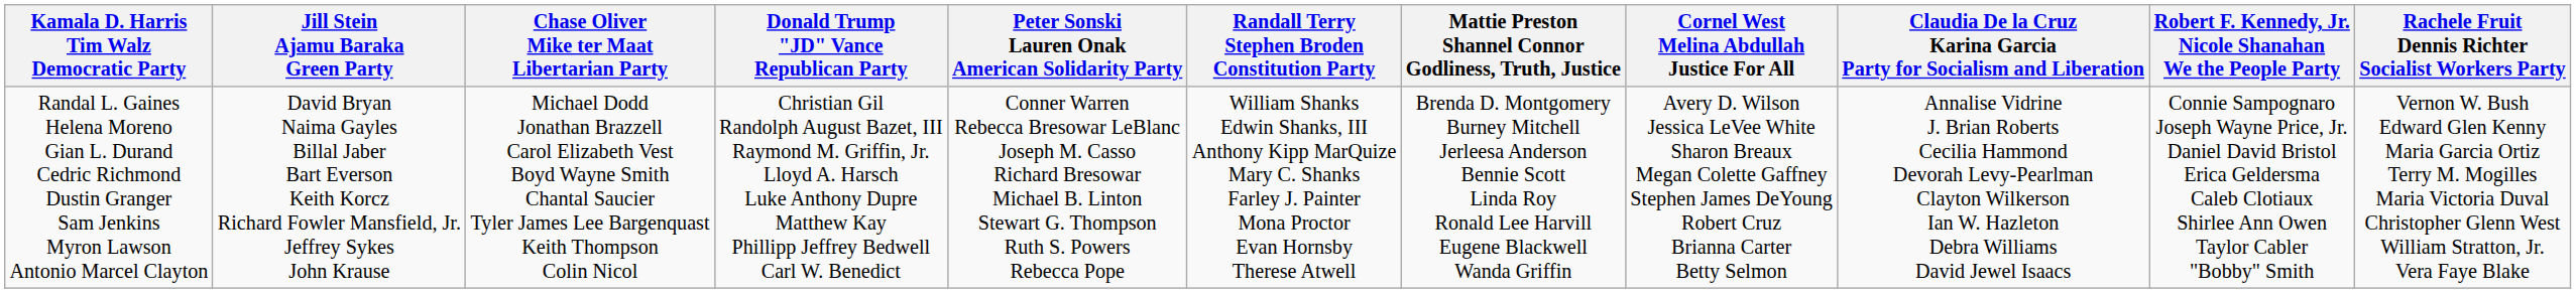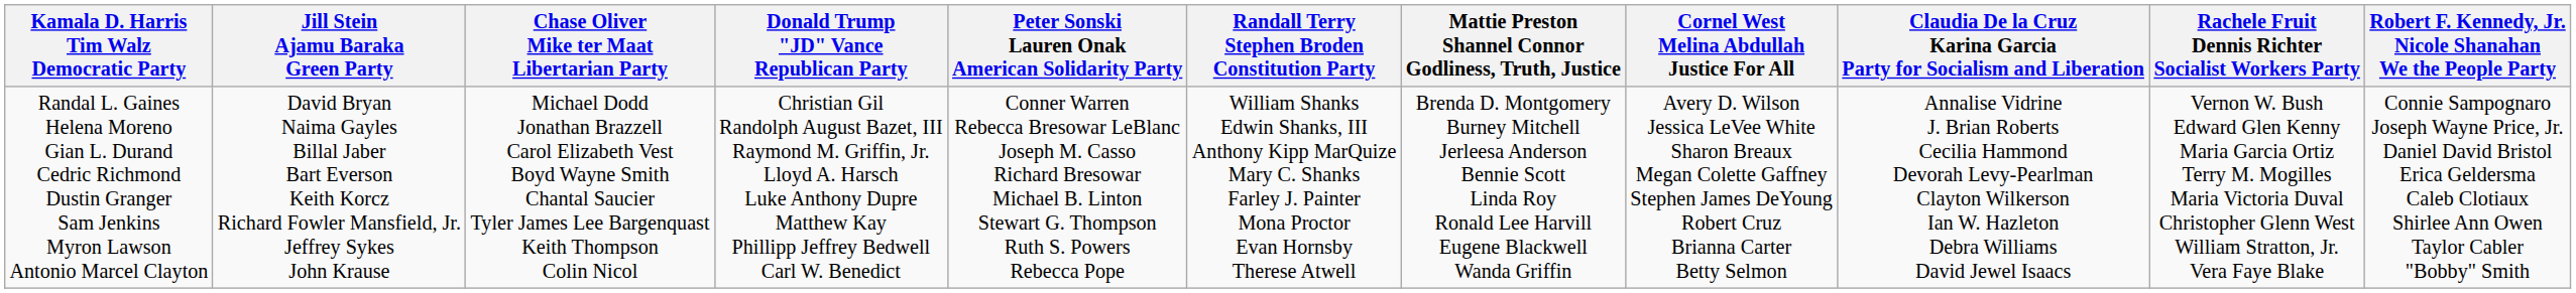 <table class="wikitable" style="font-size:90%;text-align:center;">
 <tr>
 <th><a href='#'>Kamala D. Harris</a><br><a href='#'>Tim Walz</a><br><a href='#'>Democratic Party</a></th>
 <th><a href='#'>Jill Stein</a><br><a href='#'>Ajamu Baraka</a><br><a href='#'>Green Party</a></th>
 <th><a href='#'>Chase Oliver</a><br><a href='#'>Mike ter Maat</a><br><a href='#'>Libertarian Party</a></th>
 <th><a href='#'>Donald Trump</a><br><a href='#'>"JD" Vance</a><br><a href='#'>Republican Party</a></th>
 <th><a href='#'>Peter Sonski</a><br>Lauren Onak<br><a href='#'>American Solidarity Party</a></th>
 <th><a href='#'>Randall Terry</a><br><a href='#'>Stephen Broden</a><br><a href='#'>Constitution Party</a></th>
 <th>Mattie Preston<br>Shannel Connor<br>Godliness, Truth, Justice</th>
 <th><a href='#'>Cornel West</a><br><a href='#'>Melina Abdullah</a><br>Justice For All</th>
 <th><a href='#'>Claudia De la Cruz</a><br>Karina Garcia<br><a href='#'>Party for Socialism and Liberation</a></th>
+<th><a href='#'>Rachele Fruit</a><br>Dennis Richter<br><a href='#'>Socialist Workers Party</a></th>
 <th><a href='#'>Robert F. Kennedy, Jr.</a><br><a href='#'>Nicole Shanahan</a><br><a href='#'>We the People Party</a></th>
-<th><a href='#'>Rachele Fruit</a><br>Dennis Richter<br><a href='#'>Socialist Workers Party</a></th>
 </tr>
 <tr>
 <td>Randal L. Gaines<br>Helena Moreno<br>Gian L. Durand<br>Cedric Richmond<br>Dustin Granger<br>Sam Jenkins<br>Myron Lawson<br>Antonio Marcel Clayton</td>
 <td>David Bryan<br>Naima Gayles<br>Billal Jaber<br>Bart Everson<br>Keith Korcz<br>Richard Fowler Mansfield, Jr.<br>Jeffrey Sykes<br>John Krause</td>
 <td>Michael Dodd<br>Jonathan Brazzell<br>Carol Elizabeth Vest<br>Boyd Wayne Smith<br>Chantal Saucier<br>Tyler James Lee Bargenquast<br>Keith Thompson<br>Colin Nicol</td>
 <td>Christian Gil<br>Randolph August Bazet, III<br>Raymond M. Griffin, Jr.<br>Lloyd A. Harsch<br>Luke Anthony Dupre<br>Matthew Kay<br>Phillipp Jeffrey Bedwell<br>Carl W. Benedict</td>
 <td>Conner Warren<br>Rebecca Bresowar LeBlanc<br>Joseph M. Casso<br>Richard Bresowar<br>Michael B. Linton<br>Stewart G. Thompson<br>Ruth S. Powers<br>Rebecca Pope</td>
 <td>William Shanks<br>Edwin Shanks, III<br>Anthony Kipp MarQuize<br>Mary C. Shanks<br>Farley J. Painter<br>Mona Proctor<br>Evan Hornsby<br>Therese Atwell</td>
 <td>Brenda D. Montgomery<br>Burney Mitchell<br>Jerleesa Anderson<br>Bennie Scott<br>Linda Roy<br>Ronald Lee Harvill<br>Eugene Blackwell<br>Wanda Griffin</td>
 <td>Avery D. Wilson<br>Jessica LeVee White<br>Sharon Breaux<br>Megan Colette Gaffney<br>Stephen James DeYoung<br>Robert Cruz<br>Brianna Carter<br>Betty Selmon</td>
 <td>Annalise Vidrine<br>J. Brian Roberts<br>Cecilia Hammond<br>Devorah Levy-Pearlman<br>Clayton Wilkerson<br>Ian W. Hazleton<br>Debra Williams<br>David Jewel Isaacs</td>
+<td>Vernon W. Bush<br>Edward Glen Kenny<br>Maria Garcia Ortiz<br>Terry M. Mogilles<br>Maria Victoria Duval<br>Christopher Glenn West<br>William Stratton, Jr.<br>Vera Faye Blake</td>
 <td>Connie Sampognaro<br>Joseph Wayne Price, Jr.<br>Daniel David Bristol<br>Erica Geldersma<br>Caleb Clotiaux<br>Shirlee Ann Owen<br>Taylor Cabler<br>"Bobby" Smith</td>
-<td>Vernon W. Bush<br>Edward Glen Kenny<br>Maria Garcia Ortiz<br>Terry M. Mogilles<br>Maria Victoria Duval<br>Christopher Glenn West<br>William Stratton, Jr.<br>Vera Faye Blake</td>
 </tr>
 </table>
